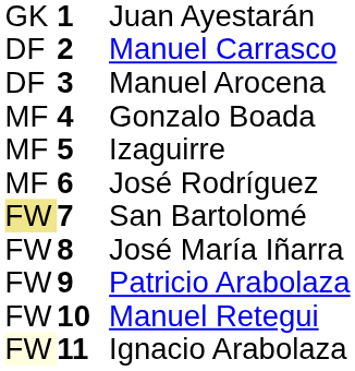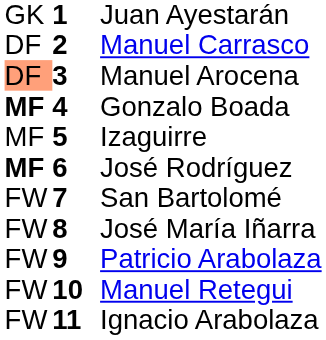 <table style="font-size:90%; margin:0.2em auto;" cellspacing="0" cellpadding="0">
 <tr>
 <th width="25"></th>
 <th width="25"></th>
 </tr>
 <tr>
 <td>GK</td>
 <td><strong>1</strong></td>
 <td> Juan Ayestarán</td>
 </tr>
 <tr>
 <td>DF</td>
 <td><strong>2</strong></td>
 <td> <a href='#'>Manuel Carrasco</a></td>
 </tr>
 <tr>
-<td>DF</td>
+<td style="background: lightsalmon;">DF</td>
 <td><strong>3</strong></td>
 <td> Manuel Arocena</td>
 </tr>
 <tr>
-<td>MF</td>
+<td><strong>MF</strong></td>
 <td><strong>4</strong></td>
 <td> Gonzalo Boada</td>
 </tr>
 <tr>
 <td>MF</td>
 <td><strong>5</strong></td>
 <td> Izaguirre</td>
 </tr>
 <tr>
-<td>MF</td>
+<td><strong>MF</strong></td>
 <td><strong>6</strong></td>
 <td> José Rodríguez</td>
 </tr>
 <tr>
-<td style="background: khaki;">FW</td>
+<td>FW</td>
 <td><strong>7</strong></td>
 <td> San Bartolomé</td>
 </tr>
 <tr>
 <td>FW</td>
 <td><strong>8</strong></td>
 <td> José María Iñarra</td>
 </tr>
 <tr>
 <td>FW</td>
 <td><strong>9</strong></td>
 <td> <a href='#'>Patricio Arabolaza</a></td>
 </tr>
 <tr>
 <td>FW</td>
 <td><strong>10</strong></td>
 <td> <a href='#'>Manuel Retegui</a></td>
 </tr>
 <tr>
-<td style="background: lightyellow;">FW</td>
+<td>FW</td>
 <td><strong>11</strong></td>
 <td> Ignacio Arabolaza</td>
 </tr>
 <tr>
 </tr>
 </table>
